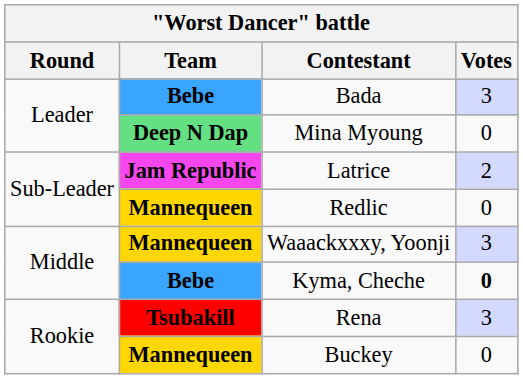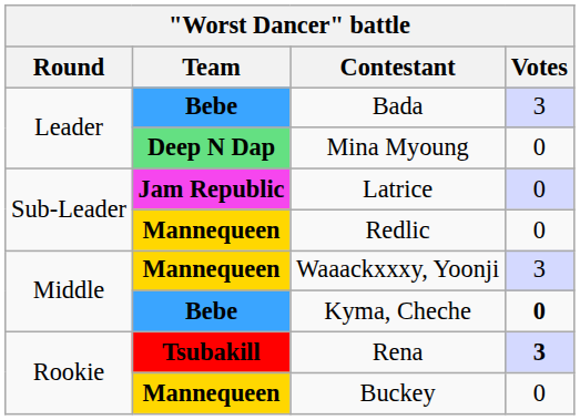 <table class="wikitable mw-collapsible mw-collapsed"  style="text-align:center; font-size:90%">
 <tr>
 <th colspan="4">"Worst Dancer" battle</th>
 </tr>
 <tr style="background:#f2f2f2;">
 <th scope="col">Round</th>
 <th scope="col">Team</th>
 <th scope="col">Contestant</th>
 <th scope="col">Votes</th>
 </tr>
 <tr>
 <td rowspan="2">Leader</td>
 <td style="background:#3AA5FF"><strong>Bebe</strong></td>
 <td>Bada</td>
 <td style="background:#D4D9FF">3</td>
 </tr>
 <tr>
 <td style="background:#64E082"><strong>Deep N Dap</strong></td>
 <td>Mina Myoung</td>
 <td>0</td>
 </tr>
 <tr>
 <td rowspan="2">Sub-Leader</td>
 <td style="background:#F646EE"><strong>Jam Republic</strong></td>
 <td>Latrice</td>
-<td style="background:#D4D9FF">2</td>
+<td style="background:#D4D9FF">0</td>
 </tr>
 <tr>
 <td style="background:gold"><strong>Mannequeen</strong></td>
 <td>Redlic</td>
 <td>0</td>
 </tr>
 <tr>
 <td rowspan="2">Middle</td>
 <td style="background:gold"><strong>Mannequeen</strong></td>
 <td>Waaackxxxy, Yoonji</td>
 <td style="background:#D4D9FF">3</td>
 </tr>
 <tr>
 <td style="background:#3AA5FF"><strong>Bebe</strong></td>
 <td>Kyma, Cheche</td>
 <td><strong>0</strong></td>
 </tr>
 <tr>
 <td rowspan="2">Rookie</td>
 <td style="background:red"><strong>Tsubakill</strong></td>
 <td>Rena</td>
-<td style="background:#D4D9FF">3</td>
+<td style="background:#D4D9FF"><strong>3</strong></td>
 </tr>
 <tr>
 <td style="background:gold"><strong>Mannequeen</strong></td>
 <td>Buckey</td>
 <td>0</td>
 </tr>
 </table>
